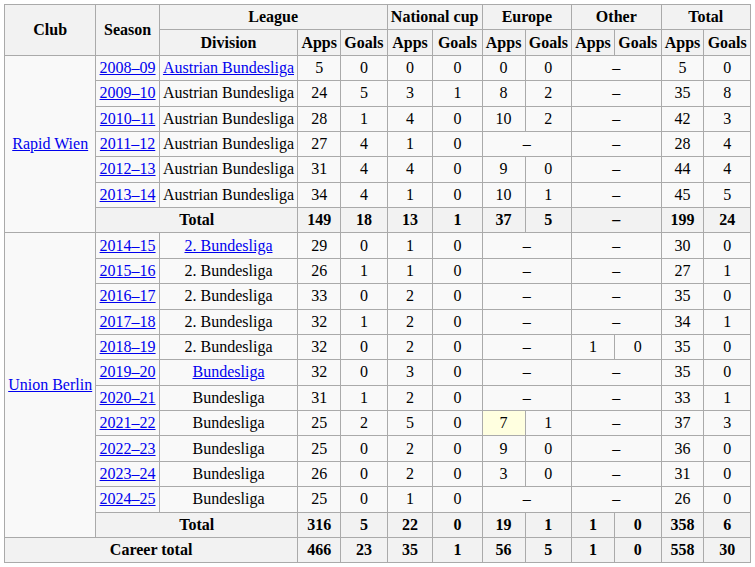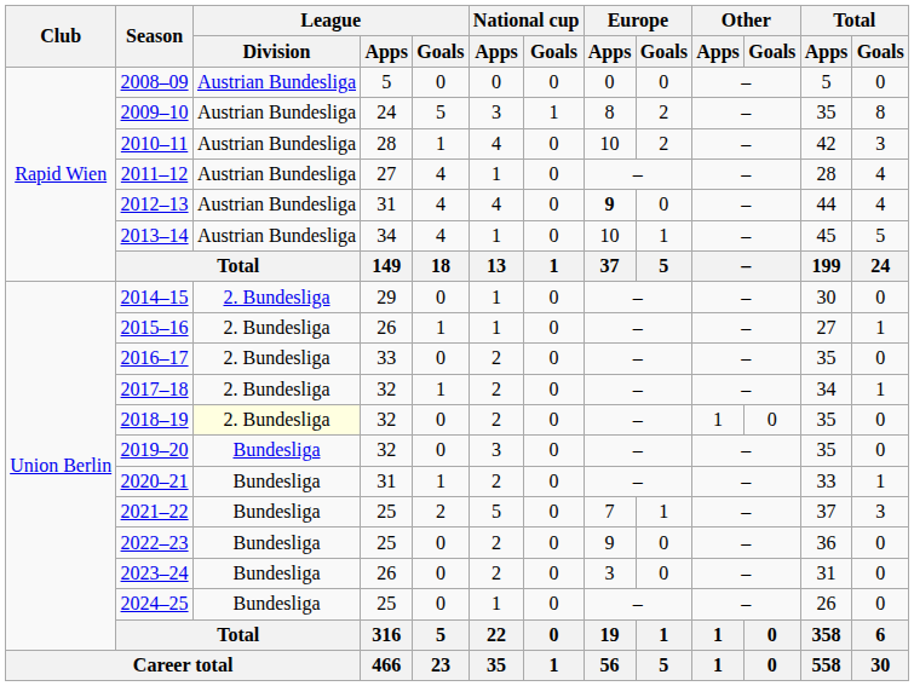 <table class="wikitable" style="text-align: center">
 <tr>
 <th rowspan="2">Club</th>
 <th rowspan="2">Season</th>
 <th colspan="3">League</th>
 <th colspan="2">National cup</th>
 <th colspan="2">Europe</th>
 <th colspan="2">Other</th>
 <th colspan="2">Total</th>
 </tr>
 <tr>
 <th>Division</th>
 <th>Apps</th>
 <th>Goals</th>
 <th>Apps</th>
 <th>Goals</th>
 <th>Apps</th>
 <th>Goals</th>
 <th>Apps</th>
 <th>Goals</th>
 <th>Apps</th>
 <th>Goals</th>
 </tr>
 <tr>
 <td rowspan="7"><a href='#'>Rapid Wien</a></td>
 <td><a href='#'>2008–09</a></td>
 <td><a href='#'>Austrian Bundesliga</a></td>
 <td>5</td>
 <td>0</td>
 <td>0</td>
 <td>0</td>
 <td>0</td>
 <td>0</td>
 <td colspan="2">–</td>
 <td>5</td>
 <td>0</td>
 </tr>
 <tr>
 <td><a href='#'>2009–10</a></td>
 <td>Austrian Bundesliga</td>
 <td>24</td>
 <td>5</td>
 <td>3</td>
 <td>1</td>
 <td>8</td>
 <td>2</td>
 <td colspan="2">–</td>
 <td>35</td>
 <td>8</td>
 </tr>
 <tr>
 <td><a href='#'>2010–11</a></td>
 <td>Austrian Bundesliga</td>
 <td>28</td>
 <td>1</td>
 <td>4</td>
 <td>0</td>
 <td>10</td>
 <td>2</td>
 <td colspan="2">–</td>
 <td>42</td>
 <td>3</td>
 </tr>
 <tr>
 <td><a href='#'>2011–12</a></td>
 <td>Austrian Bundesliga</td>
 <td>27</td>
 <td>4</td>
 <td>1</td>
 <td>0</td>
 <td colspan="2">–</td>
 <td colspan="2">–</td>
 <td>28</td>
 <td>4</td>
 </tr>
 <tr>
 <td><a href='#'>2012–13</a></td>
 <td>Austrian Bundesliga</td>
 <td>31</td>
 <td>4</td>
 <td>4</td>
 <td>0</td>
-<td>9</td>
+<td><strong>9</strong></td>
 <td>0</td>
 <td colspan="2">–</td>
 <td>44</td>
 <td>4</td>
 </tr>
 <tr>
 <td><a href='#'>2013–14</a></td>
 <td>Austrian Bundesliga</td>
 <td>34</td>
 <td>4</td>
 <td>1</td>
 <td>0</td>
 <td>10</td>
 <td>1</td>
 <td colspan="2">–</td>
 <td>45</td>
 <td>5</td>
 </tr>
 <tr>
 <th colspan="2">Total</th>
 <th>149</th>
 <th>18</th>
 <th>13</th>
 <th>1</th>
 <th>37</th>
 <th>5</th>
 <th colspan="2">–</th>
 <th>199</th>
 <th>24</th>
 </tr>
 <tr>
 <td rowspan="12"><a href='#'>Union Berlin</a></td>
 <td><a href='#'>2014–15</a></td>
 <td><a href='#'>2. Bundesliga</a></td>
 <td>29</td>
 <td>0</td>
 <td>1</td>
 <td>0</td>
 <td colspan="2">–</td>
 <td colspan="2">–</td>
 <td>30</td>
 <td>0</td>
 </tr>
 <tr>
 <td><a href='#'>2015–16</a></td>
 <td>2. Bundesliga</td>
 <td>26</td>
 <td>1</td>
 <td>1</td>
 <td>0</td>
 <td colspan="2">–</td>
 <td colspan="2">–</td>
 <td>27</td>
 <td>1</td>
 </tr>
 <tr>
 <td><a href='#'>2016–17</a></td>
 <td>2. Bundesliga</td>
 <td>33</td>
 <td>0</td>
 <td>2</td>
 <td>0</td>
 <td colspan="2">–</td>
 <td colspan="2">–</td>
 <td>35</td>
 <td>0</td>
 </tr>
 <tr>
 <td><a href='#'>2017–18</a></td>
 <td>2. Bundesliga</td>
 <td>32</td>
 <td>1</td>
 <td>2</td>
 <td>0</td>
 <td colspan="2">–</td>
 <td colspan="2">–</td>
 <td>34</td>
 <td>1</td>
 </tr>
 <tr>
 <td><a href='#'>2018–19</a></td>
-<td>2. Bundesliga</td>
+<td style="background: lightyellow;">2. Bundesliga</td>
 <td>32</td>
 <td>0</td>
 <td>2</td>
 <td>0</td>
 <td colspan="2">–</td>
 <td>1</td>
 <td>0</td>
 <td>35</td>
 <td>0</td>
 </tr>
 <tr>
 <td><a href='#'>2019–20</a></td>
 <td><a href='#'>Bundesliga</a></td>
 <td>32</td>
 <td>0</td>
 <td>3</td>
 <td>0</td>
 <td colspan="2">–</td>
 <td colspan="2">–</td>
 <td>35</td>
 <td>0</td>
 </tr>
 <tr>
 <td><a href='#'>2020–21</a></td>
 <td>Bundesliga</td>
 <td>31</td>
 <td>1</td>
 <td>2</td>
 <td>0</td>
 <td colspan="2">–</td>
 <td colspan="2">–</td>
 <td>33</td>
 <td>1</td>
 </tr>
 <tr>
 <td><a href='#'>2021–22</a></td>
 <td>Bundesliga</td>
 <td>25</td>
 <td>2</td>
 <td>5</td>
 <td>0</td>
-<td style="background: lightyellow;">7</td>
+<td>7</td>
 <td>1</td>
 <td colspan="2">–</td>
 <td>37</td>
 <td>3</td>
 </tr>
 <tr>
 <td><a href='#'>2022–23</a></td>
 <td>Bundesliga</td>
 <td>25</td>
 <td>0</td>
 <td>2</td>
 <td>0</td>
 <td>9</td>
 <td>0</td>
 <td colspan="2">–</td>
 <td>36</td>
 <td>0</td>
 </tr>
 <tr>
 <td><a href='#'>2023–24</a></td>
 <td>Bundesliga</td>
 <td>26</td>
 <td>0</td>
 <td>2</td>
 <td>0</td>
 <td>3</td>
 <td>0</td>
 <td colspan="2">–</td>
 <td>31</td>
 <td>0</td>
 </tr>
 <tr>
 <td><a href='#'>2024–25</a></td>
 <td>Bundesliga</td>
 <td>25</td>
 <td>0</td>
 <td>1</td>
 <td>0</td>
 <td colspan="2">–</td>
 <td colspan="2">–</td>
 <td>26</td>
 <td>0</td>
 </tr>
 <tr>
 <th colspan="2">Total</th>
 <th>316</th>
 <th>5</th>
 <th>22</th>
 <th>0</th>
 <th>19</th>
 <th>1</th>
 <th>1</th>
 <th>0</th>
 <th>358</th>
 <th>6</th>
 </tr>
 <tr>
 <th colspan="3">Career total</th>
 <th>466</th>
 <th>23</th>
 <th>35</th>
 <th>1</th>
 <th>56</th>
 <th>5</th>
 <th>1</th>
 <th>0</th>
 <th>558</th>
 <th>30</th>
 </tr>
 </table>
